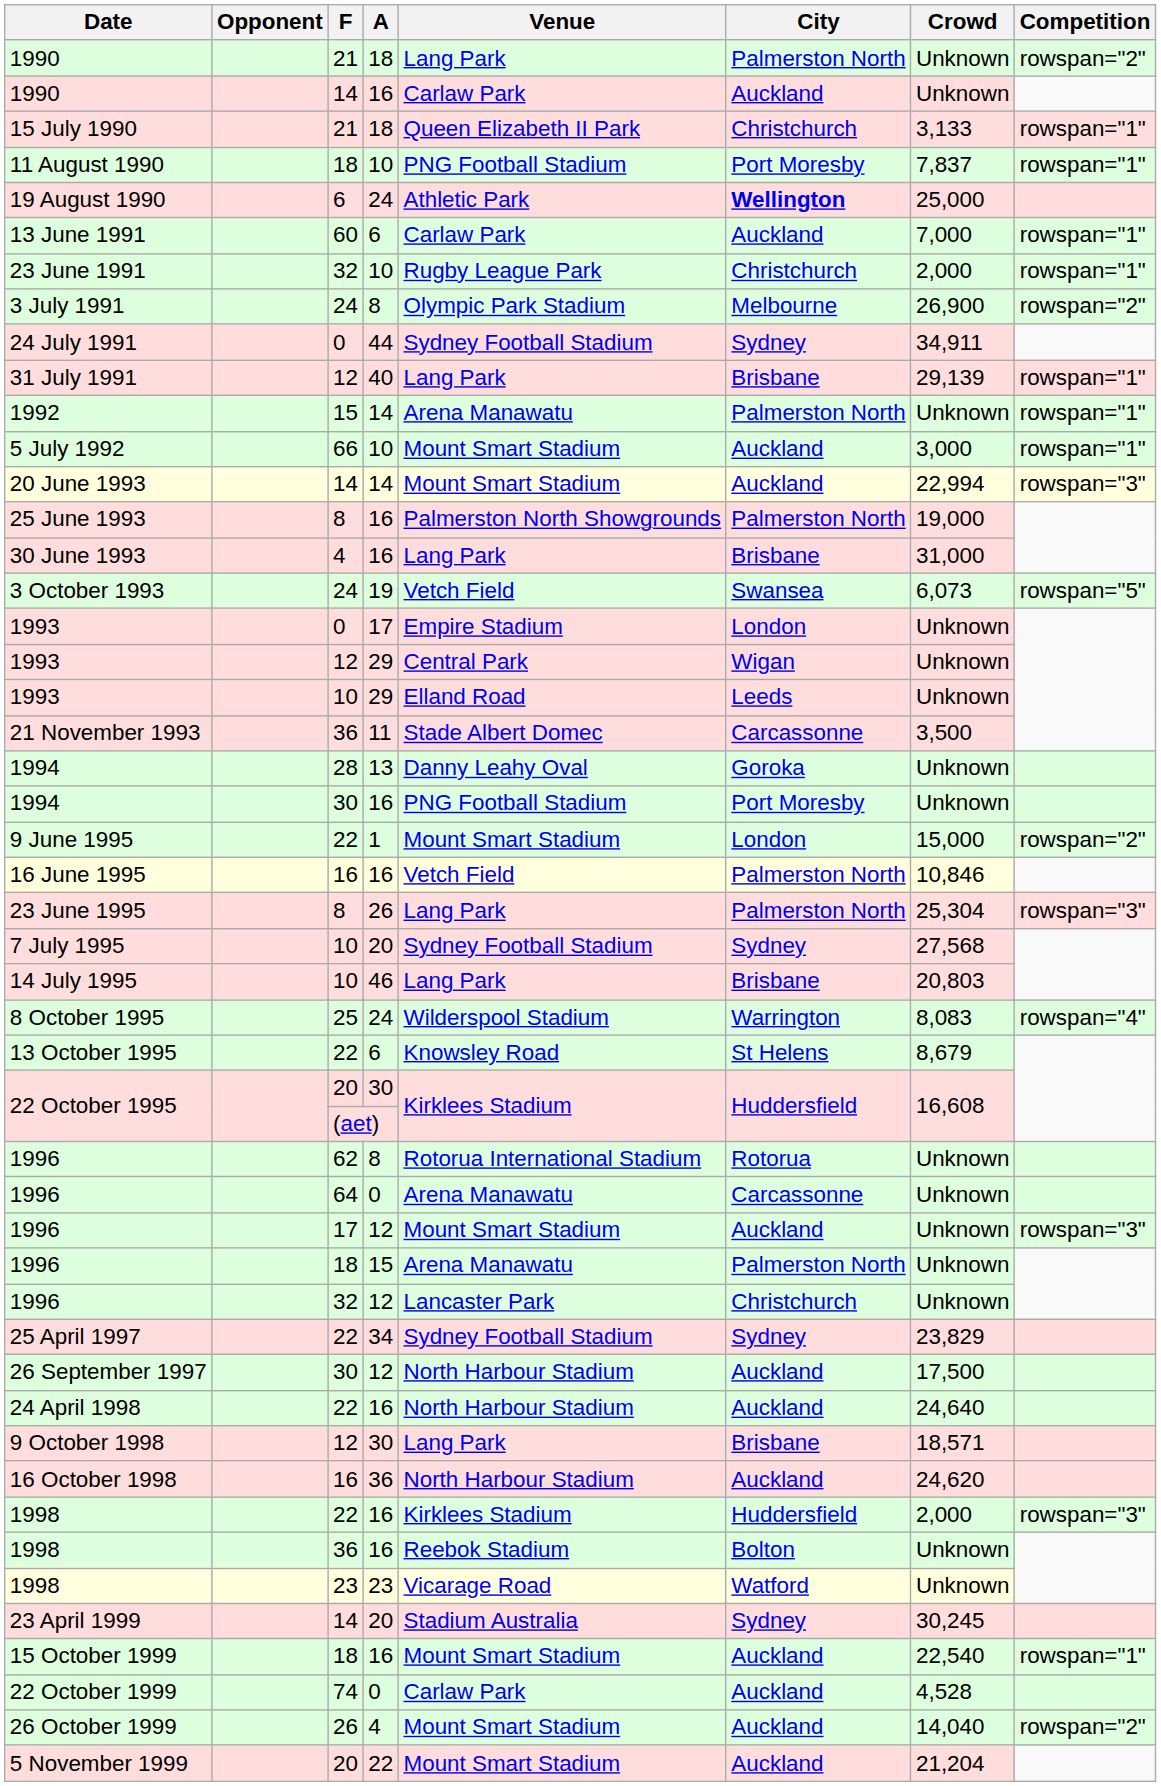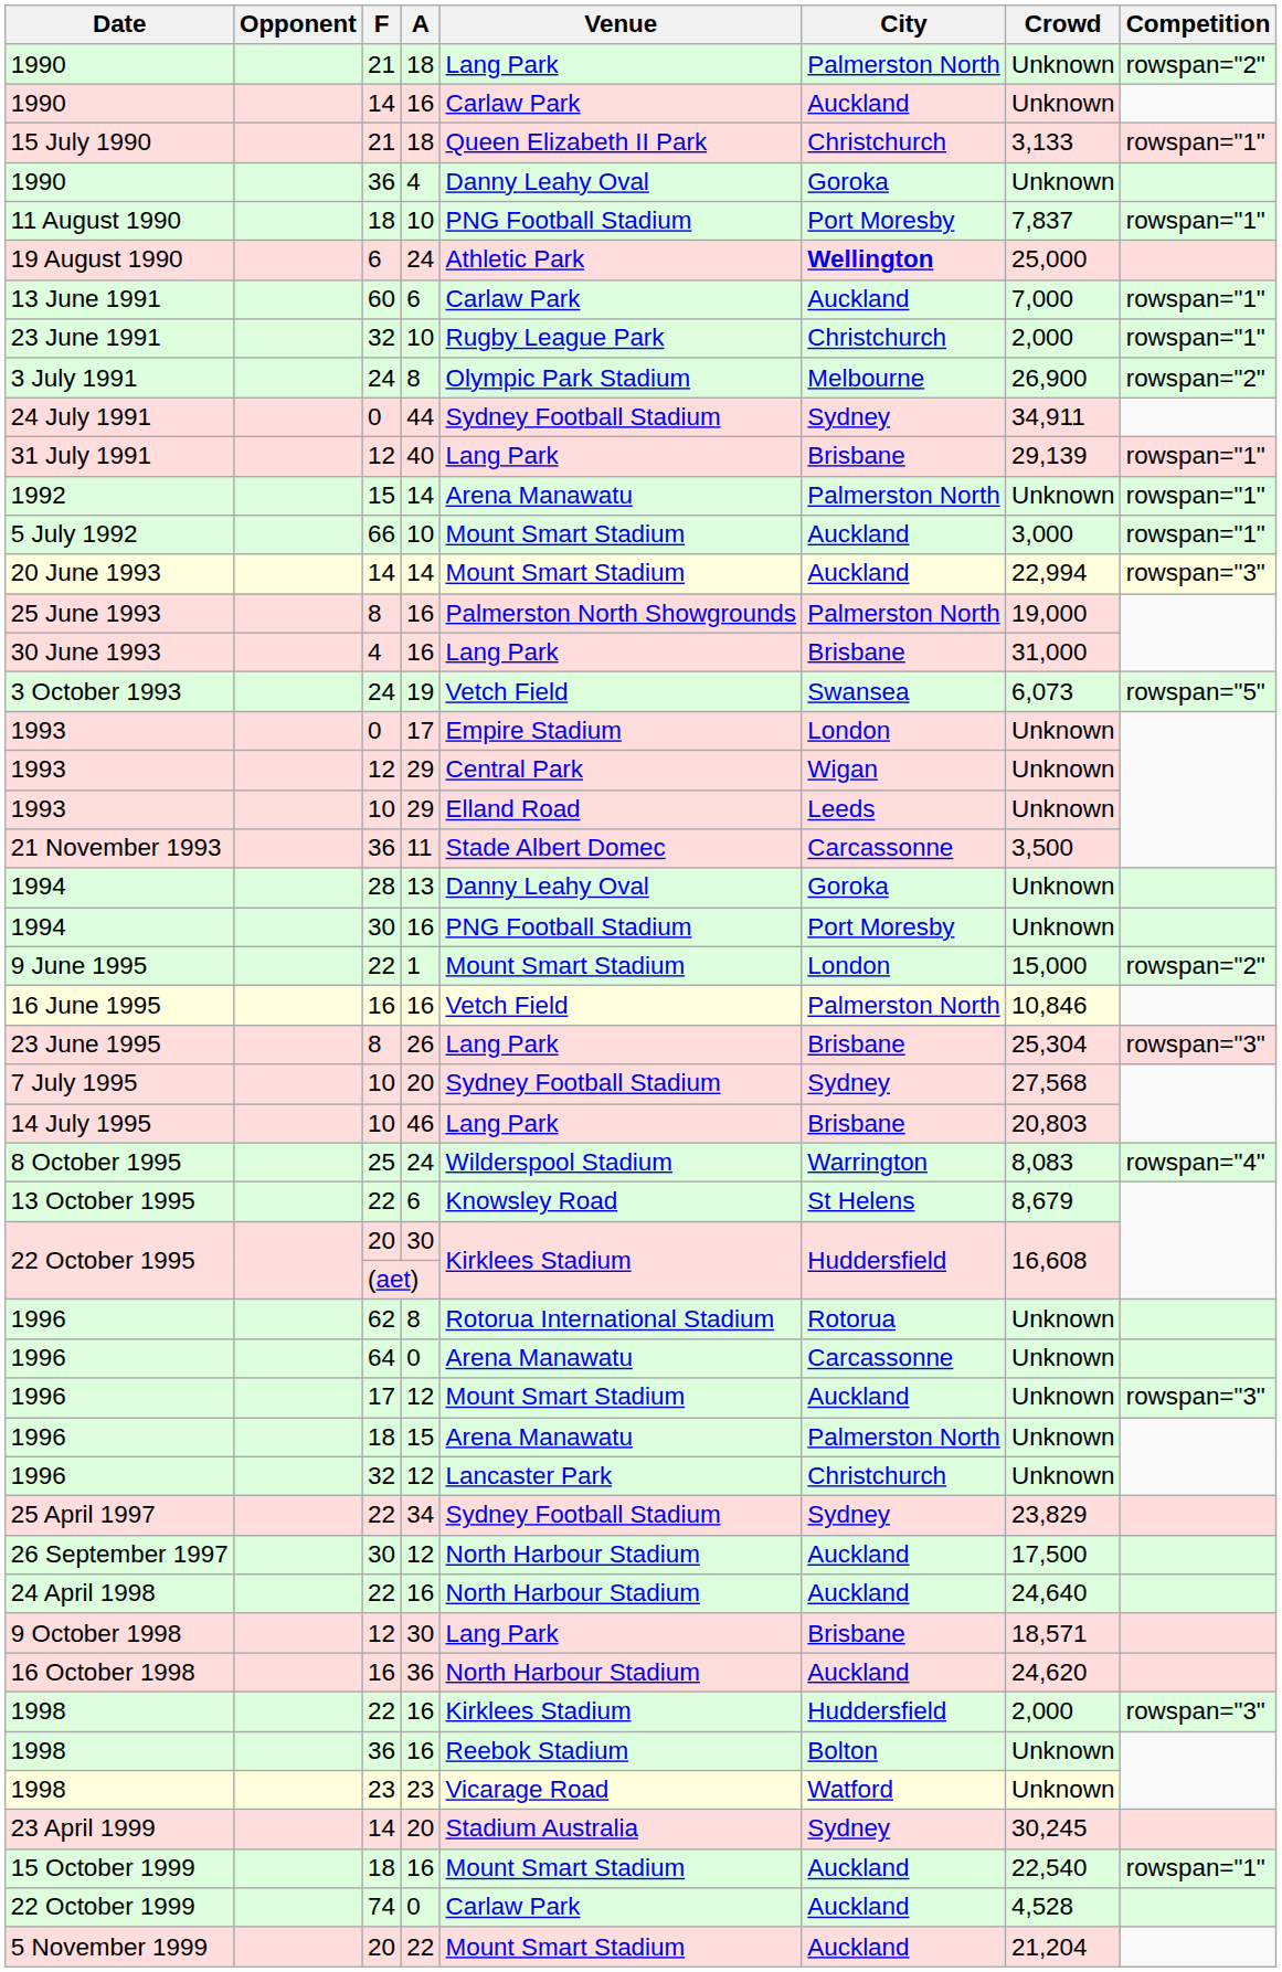 <table class="wikitable sortable">
 <tr>
 <th>Date</th>
 <th>Opponent</th>
 <th>F</th>
 <th>A</th>
 <th>Venue</th>
 <th>City</th>
 <th>Crowd</th>
 <th>Competition</th>
 </tr>
 <tr style="background:#ddffdd;">
 <td>1990</td>
 <td></td>
 <td>21</td>
 <td>18</td>
 <td><a href='#'>Lang Park</a></td>
 <td><a href='#'>Palmerston North</a></td>
 <td>Unknown</td>
 <td>rowspan="2" </td>
 </tr>
 <tr style="background:#ffdddd;">
 <td>1990</td>
 <td></td>
 <td>14</td>
 <td>16</td>
 <td><a href='#'>Carlaw Park</a></td>
 <td><a href='#'>Auckland</a></td>
 <td>Unknown</td>
 </tr>
 <tr style="background:#ffdddd;">
 <td>15 July 1990</td>
 <td></td>
 <td>21</td>
 <td>18</td>
 <td><a href='#'>Queen Elizabeth II Park</a></td>
 <td><a href='#'>Christchurch</a></td>
 <td>3,133</td>
 <td>rowspan="1" </td>
+</tr>
+<tr style="background:#ddffdd;">
+<td>1990</td>
+<td></td>
+<td>36</td>
+<td>4</td>
+<td><a href='#'>Danny Leahy Oval</a></td>
+<td><a href='#'>Goroka</a></td>
+<td>Unknown</td>
+<td></td>
 </tr>
 <tr style="background:#ddffdd;">
 <td>11 August 1990</td>
 <td></td>
 <td>18</td>
 <td>10</td>
 <td><a href='#'>PNG Football Stadium</a></td>
 <td><a href='#'>Port Moresby</a></td>
 <td>7,837</td>
 <td>rowspan="1" </td>
 </tr>
 <tr style="background:#ffdddd;">
 <td>19 August 1990</td>
 <td></td>
 <td>6</td>
 <td>24</td>
 <td><a href='#'>Athletic Park</a></td>
 <td><strong><a href='#'>Wellington</a></strong></td>
 <td>25,000</td>
 <td></td>
 </tr>
 <tr style="background:#ddffdd;">
 <td>13 June 1991</td>
 <td></td>
 <td>60</td>
 <td>6</td>
 <td><a href='#'>Carlaw Park</a></td>
 <td><a href='#'>Auckland</a></td>
 <td>7,000</td>
 <td>rowspan="1" </td>
 </tr>
 <tr style="background:#ddffdd;">
 <td>23 June 1991</td>
 <td></td>
 <td>32</td>
 <td>10</td>
 <td><a href='#'>Rugby League Park</a></td>
 <td><a href='#'>Christchurch</a></td>
 <td>2,000</td>
 <td>rowspan="1" </td>
 </tr>
 <tr style="background:#ddffdd;">
 <td>3 July 1991</td>
 <td></td>
 <td>24</td>
 <td>8</td>
 <td><a href='#'>Olympic Park Stadium</a></td>
 <td><a href='#'>Melbourne</a></td>
 <td>26,900</td>
 <td>rowspan="2" </td>
 </tr>
 <tr style="background:#ffdddd;">
 <td>24 July 1991</td>
 <td></td>
 <td>0</td>
 <td>44</td>
 <td><a href='#'>Sydney Football Stadium</a></td>
 <td><a href='#'>Sydney</a></td>
 <td>34,911</td>
 </tr>
 <tr style="background:#ffdddd;">
 <td>31 July 1991</td>
 <td></td>
 <td>12</td>
 <td>40</td>
 <td><a href='#'>Lang Park</a></td>
 <td><a href='#'>Brisbane</a></td>
 <td>29,139</td>
 <td>rowspan="1" </td>
 </tr>
 <tr style="background:#ddffdd;">
 <td>1992</td>
 <td></td>
 <td>15</td>
 <td>14</td>
 <td><a href='#'>Arena Manawatu</a></td>
 <td><a href='#'>Palmerston North</a></td>
 <td>Unknown</td>
 <td>rowspan="1" </td>
 </tr>
 <tr style="background:#ddffdd;">
 <td>5 July 1992</td>
 <td></td>
 <td>66</td>
 <td>10</td>
 <td><a href='#'>Mount Smart Stadium</a></td>
 <td><a href='#'>Auckland</a></td>
 <td>3,000</td>
 <td>rowspan="1" </td>
 </tr>
 <tr style="background:#ffffdd;">
 <td>20 June 1993</td>
 <td></td>
 <td>14</td>
 <td>14</td>
 <td><a href='#'>Mount Smart Stadium</a></td>
 <td><a href='#'>Auckland</a></td>
 <td>22,994</td>
 <td>rowspan="3" </td>
 </tr>
 <tr style="background:#ffdddd;">
 <td>25 June 1993</td>
 <td></td>
 <td>8</td>
 <td>16</td>
 <td><a href='#'>Palmerston North Showgrounds</a></td>
 <td><a href='#'>Palmerston North</a></td>
 <td>19,000</td>
 </tr>
 <tr style="background:#ffdddd;">
 <td>30 June 1993</td>
 <td></td>
 <td>4</td>
 <td>16</td>
 <td><a href='#'>Lang Park</a></td>
 <td><a href='#'>Brisbane</a></td>
 <td>31,000</td>
 </tr>
 <tr style="background:#ddffdd;">
 <td>3 October 1993</td>
 <td></td>
 <td>24</td>
 <td>19</td>
 <td><a href='#'>Vetch Field</a></td>
 <td><a href='#'>Swansea</a></td>
 <td>6,073</td>
 <td>rowspan="5" </td>
 </tr>
 <tr style="background:#ffdddd;">
 <td>1993</td>
 <td></td>
 <td>0</td>
 <td>17</td>
 <td><a href='#'>Empire Stadium</a></td>
 <td><a href='#'>London</a></td>
 <td>Unknown</td>
 </tr>
 <tr style="background:#ffdddd;">
 <td>1993</td>
 <td></td>
 <td>12</td>
 <td>29</td>
 <td><a href='#'>Central Park</a></td>
 <td><a href='#'>Wigan</a></td>
 <td>Unknown</td>
 </tr>
 <tr style="background:#ffdddd;">
 <td>1993</td>
 <td></td>
 <td>10</td>
 <td>29</td>
 <td><a href='#'>Elland Road</a></td>
 <td><a href='#'>Leeds</a></td>
 <td>Unknown</td>
 </tr>
 <tr style="background:#ffdddd;">
 <td>21 November 1993</td>
 <td></td>
 <td>36</td>
 <td>11</td>
 <td><a href='#'>Stade Albert Domec</a></td>
 <td><a href='#'>Carcassonne</a></td>
 <td>3,500</td>
 </tr>
 <tr style="background:#ddffdd;">
 <td>1994</td>
 <td></td>
 <td>28</td>
 <td>13</td>
 <td><a href='#'>Danny Leahy Oval</a></td>
 <td><a href='#'>Goroka</a></td>
 <td>Unknown</td>
 <td></td>
 </tr>
 <tr style="background:#ddffdd;">
 <td>1994</td>
 <td></td>
 <td>30</td>
 <td>16</td>
 <td><a href='#'>PNG Football Stadium</a></td>
 <td><a href='#'>Port Moresby</a></td>
 <td>Unknown</td>
 <td></td>
 </tr>
 <tr style="background:#ddffdd;">
 <td>9 June 1995</td>
 <td></td>
 <td>22</td>
 <td>1</td>
 <td><a href='#'>Mount Smart Stadium</a></td>
 <td><a href='#'>London</a></td>
 <td>15,000</td>
 <td>rowspan="2" </td>
 </tr>
 <tr style="background:#ffffdd;">
 <td>16 June 1995</td>
 <td></td>
 <td>16</td>
 <td>16</td>
 <td><a href='#'>Vetch Field</a></td>
 <td><a href='#'>Palmerston North</a></td>
 <td>10,846</td>
 </tr>
 <tr style="background:#ffdddd;">
 <td>23 June 1995</td>
 <td></td>
 <td>8</td>
 <td>26</td>
 <td><a href='#'>Lang Park</a></td>
-<td><a href='#'>Palmerston North</a></td>
+<td><a href='#'>Brisbane</a></td>
 <td>25,304</td>
 <td>rowspan="3" </td>
 </tr>
 <tr style="background:#ffdddd;">
 <td>7 July 1995</td>
 <td></td>
 <td>10</td>
 <td>20</td>
 <td><a href='#'>Sydney Football Stadium</a></td>
 <td><a href='#'>Sydney</a></td>
 <td>27,568</td>
 </tr>
 <tr style="background:#ffdddd;">
 <td>14 July 1995</td>
 <td></td>
 <td>10</td>
 <td>46</td>
 <td><a href='#'>Lang Park</a></td>
 <td><a href='#'>Brisbane</a></td>
 <td>20,803</td>
 </tr>
 <tr style="background:#ddffdd;">
 <td>8 October 1995</td>
 <td></td>
 <td>25</td>
 <td>24</td>
 <td><a href='#'>Wilderspool Stadium</a></td>
 <td><a href='#'>Warrington</a></td>
 <td>8,083</td>
 <td>rowspan="4" </td>
 </tr>
 <tr style="background:#ddffdd;">
 <td>13 October 1995</td>
 <td></td>
 <td>22</td>
 <td>6</td>
 <td><a href='#'>Knowsley Road</a></td>
 <td><a href='#'>St Helens</a></td>
 <td>8,679</td>
 </tr>
 <tr style="background:#ffdddd;">
 <td rowspan="2">22 October 1995</td>
 <td rowspan="2"></td>
 <td>20</td>
 <td>30</td>
 <td rowspan="2"><a href='#'>Kirklees Stadium</a></td>
 <td rowspan="2"><a href='#'>Huddersfield</a></td>
 <td rowspan="2">16,608</td>
 </tr>
 <tr style="background:#ffdddd;">
 <td colspan="2">(<a href='#'>aet</a>)</td>
 </tr>
 <tr style="background:#ddffdd;">
 <td>1996</td>
 <td></td>
 <td>62</td>
 <td>8</td>
 <td><a href='#'>Rotorua International Stadium</a></td>
 <td><a href='#'>Rotorua</a></td>
 <td>Unknown</td>
 <td></td>
 </tr>
 <tr style="background:#ddffdd;">
 <td>1996</td>
 <td></td>
 <td>64</td>
 <td>0</td>
 <td><a href='#'>Arena Manawatu</a></td>
 <td><a href='#'>Carcassonne</a></td>
 <td>Unknown</td>
 <td></td>
 </tr>
 <tr style="background:#ddffdd;">
 <td>1996</td>
 <td></td>
 <td>17</td>
 <td>12</td>
 <td><a href='#'>Mount Smart Stadium</a></td>
 <td><a href='#'>Auckland</a></td>
 <td>Unknown</td>
 <td>rowspan="3" </td>
 </tr>
 <tr style="background:#ddffdd;">
 <td>1996</td>
 <td></td>
 <td>18</td>
 <td>15</td>
 <td><a href='#'>Arena Manawatu</a></td>
 <td><a href='#'>Palmerston North</a></td>
 <td>Unknown</td>
 </tr>
 <tr style="background:#ddffdd;">
 <td>1996</td>
 <td></td>
 <td>32</td>
 <td>12</td>
 <td><a href='#'>Lancaster Park</a></td>
 <td><a href='#'>Christchurch</a></td>
 <td>Unknown</td>
 </tr>
 <tr style="background:#ffdddd;">
 <td>25 April 1997</td>
 <td></td>
 <td>22</td>
 <td>34</td>
 <td><a href='#'>Sydney Football Stadium</a></td>
 <td><a href='#'>Sydney</a></td>
 <td>23,829</td>
 <td></td>
 </tr>
 <tr style="background:#ddffdd;">
 <td>26 September 1997</td>
 <td></td>
 <td>30</td>
 <td>12</td>
 <td><a href='#'>North Harbour Stadium</a></td>
 <td><a href='#'>Auckland</a></td>
 <td>17,500</td>
 <td></td>
 </tr>
 <tr style="background:#ddffdd;">
 <td>24 April 1998</td>
 <td></td>
 <td>22</td>
 <td>16</td>
 <td><a href='#'>North Harbour Stadium</a></td>
 <td><a href='#'>Auckland</a></td>
 <td>24,640</td>
 <td></td>
 </tr>
 <tr style="background:#ffdddd;">
 <td>9 October 1998</td>
 <td></td>
 <td>12</td>
 <td>30</td>
 <td><a href='#'>Lang Park</a></td>
 <td><a href='#'>Brisbane</a></td>
 <td>18,571</td>
 <td></td>
 </tr>
 <tr style="background:#ffdddd;">
 <td>16 October 1998</td>
 <td></td>
 <td>16</td>
 <td>36</td>
 <td><a href='#'>North Harbour Stadium</a></td>
 <td><a href='#'>Auckland</a></td>
 <td>24,620</td>
 <td></td>
 </tr>
 <tr style="background:#ddffdd;">
 <td>1998</td>
 <td></td>
 <td>22</td>
 <td>16</td>
 <td><a href='#'>Kirklees Stadium</a></td>
 <td><a href='#'>Huddersfield</a></td>
 <td>2,000</td>
 <td>rowspan="3" </td>
 </tr>
 <tr style="background:#ddffdd;">
 <td>1998</td>
 <td></td>
 <td>36</td>
 <td>16</td>
 <td><a href='#'>Reebok Stadium</a></td>
 <td><a href='#'>Bolton</a></td>
 <td>Unknown</td>
 </tr>
 <tr style="background:#ffffdd;">
 <td>1998</td>
 <td></td>
 <td>23</td>
 <td>23</td>
 <td><a href='#'>Vicarage Road</a></td>
 <td><a href='#'>Watford</a></td>
 <td>Unknown</td>
 </tr>
 <tr style="background:#ffdddd;">
 <td>23 April 1999</td>
 <td></td>
 <td>14</td>
 <td>20</td>
 <td><a href='#'>Stadium Australia</a></td>
 <td><a href='#'>Sydney</a></td>
 <td>30,245</td>
 <td></td>
 </tr>
 <tr style="background:#ddffdd;">
 <td>15 October 1999</td>
 <td></td>
 <td>18</td>
 <td>16</td>
 <td><a href='#'>Mount Smart Stadium</a></td>
 <td><a href='#'>Auckland</a></td>
 <td>22,540</td>
 <td>rowspan="1" </td>
 </tr>
 <tr style="background:#ddffdd;">
 <td>22 October 1999</td>
 <td></td>
 <td>74</td>
 <td>0</td>
 <td><a href='#'>Carlaw Park</a></td>
 <td><a href='#'>Auckland</a></td>
 <td>4,528</td>
 <td></td>
 </tr>
-<tr style="background:#ddffdd;">
-<td>26 October 1999</td>
-<td></td>
-<td>26</td>
-<td>4</td>
-<td><a href='#'>Mount Smart Stadium</a></td>
-<td><a href='#'>Auckland</a></td>
-<td>14,040</td>
-<td>rowspan="2" </td>
-</tr>
 <tr style="background:#ffdddd;">
 <td>5 November 1999</td>
 <td></td>
 <td>20</td>
 <td>22</td>
 <td><a href='#'>Mount Smart Stadium</a></td>
 <td><a href='#'>Auckland</a></td>
 <td>21,204</td>
 </tr>
 </table>
